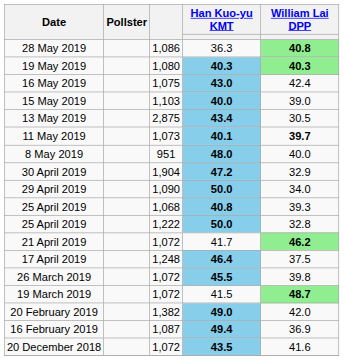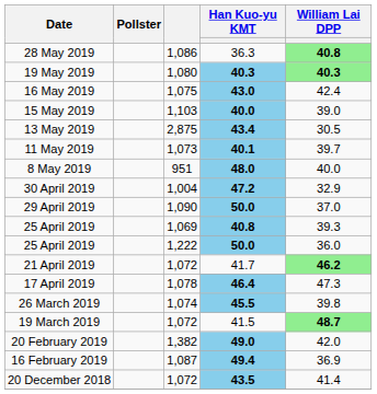 <table class="wikitable sortable collapsible" style="font-size:95%; text-align:center">
 <tr>
 <th rowspan=2>Date</th>
 <th rowspan=2>Pollster</th>
 <th rowspan=2></th>
 <th width=100px><a href='#'>Han Kuo-yu</a><br><a href='#'>KMT</a></th>
 <th width=100px><a href='#'>William Lai</a><br><a href='#'>DPP</a></th>
 </tr>
 <tr>
 <th style="background:"></th>
 <th style="background:"></th>
 </tr>
 <tr>
 <td>28 May 2019</td>
 <td></td>
 <td>1,086</td>
 <td>36.3</td>
 <td style="background-color:lightgreen;"><strong>40.8</strong></td>
 </tr>
 <tr>
 <td>19 May 2019</td>
 <td></td>
 <td>1,080</td>
 <td style="background-color:skyblue;"><strong>40.3</strong></td>
 <td style="background-color:lightgreen;"><strong>40.3</strong></td>
 </tr>
 <tr>
 <td>16 May 2019</td>
 <td></td>
 <td>1,075</td>
 <td style="background-color:skyblue;"><strong>43.0</strong></td>
 <td>42.4</td>
 </tr>
 <tr>
 <td>15 May 2019</td>
 <td></td>
 <td>1,103</td>
 <td style="background-color:skyblue;"><strong>40.0</strong></td>
 <td>39.0</td>
 </tr>
 <tr>
 <td>13 May 2019</td>
 <td></td>
 <td>2,875</td>
 <td style="background-color:skyblue;"><strong>43.4</strong></td>
 <td>30.5</td>
 </tr>
 <tr>
 <td>11 May 2019</td>
 <td></td>
 <td>1,073</td>
 <td style="background-color:skyblue;"><strong>40.1</strong></td>
-<td><strong>39.7</strong></td>
+<td>39.7</td>
 </tr>
 <tr>
 <td>8 May 2019</td>
 <td></td>
 <td>951</td>
 <td style="background-color:skyblue;"><strong>48.0</strong></td>
 <td>40.0</td>
 </tr>
 <tr>
 <td>30 April 2019</td>
 <td></td>
-<td>1,904</td>
+<td>1,004</td>
 <td style="background-color:skyblue;"><strong>47.2</strong></td>
 <td>32.9</td>
 </tr>
 <tr>
 <td>29 April 2019</td>
 <td></td>
 <td>1,090</td>
 <td style="background-color:skyblue;"><strong>50.0</strong></td>
-<td>34.0</td>
+<td>37.0</td>
 </tr>
 <tr>
 <td>25 April 2019</td>
 <td></td>
-<td>1,068</td>
+<td>1,069</td>
 <td style="background-color:skyblue;"><strong>40.8</strong></td>
 <td>39.3</td>
 </tr>
 <tr>
 <td>25 April 2019</td>
 <td></td>
 <td>1,222</td>
 <td style="background-color:skyblue;"><strong>50.0</strong></td>
-<td>32.8</td>
+<td>36.0</td>
 </tr>
 <tr>
 <td>21 April 2019</td>
 <td></td>
 <td>1,072</td>
 <td>41.7</td>
 <td style="background-color:lightgreen;"><strong>46.2</strong></td>
 </tr>
 <tr>
 <td>17 April 2019</td>
 <td></td>
-<td>1,248</td>
+<td>1,078</td>
 <td style="background-color:skyblue;"><strong>46.4</strong></td>
-<td>37.5</td>
+<td>47.3</td>
 </tr>
 <tr>
 <td>26 March 2019</td>
 <td></td>
-<td>1,072</td>
+<td>1,074</td>
 <td style="background-color:skyblue;"><strong>45.5</strong></td>
 <td>39.8</td>
 </tr>
 <tr>
 <td>19 March 2019</td>
 <td></td>
 <td>1,072</td>
 <td>41.5</td>
 <td style="background-color:lightgreen;"><strong>48.7</strong></td>
 </tr>
 <tr>
 <td>20 February 2019</td>
 <td></td>
 <td>1,382</td>
 <td style="background-color:skyblue;"><strong>49.0</strong></td>
 <td>42.0</td>
 </tr>
 <tr>
 <td>16 February 2019</td>
 <td></td>
 <td>1,087</td>
 <td style="background-color:skyblue;"><strong>49.4</strong></td>
 <td>36.9</td>
 </tr>
 <tr>
 <td>20 December 2018</td>
 <td></td>
 <td>1,072</td>
 <td style="background-color:skyblue;"><strong>43.5</strong></td>
-<td>41.6</td>
+<td>41.4</td>
 </tr>
 <tr>
 </tr>
 </table>
